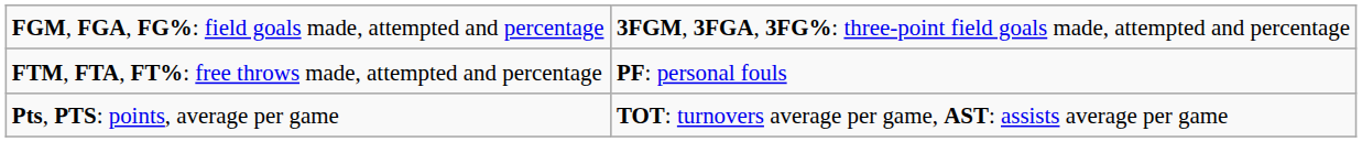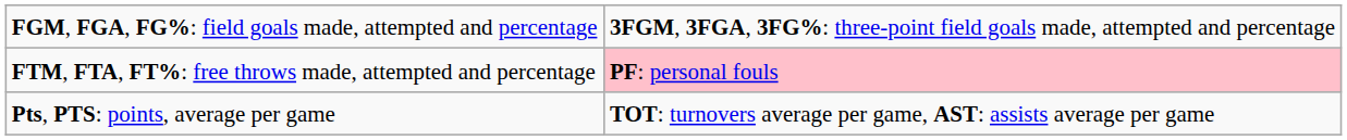 <table class="wikitable" style="margin:auto">
 <tr>
 <td><small><strong>FGM</strong>, <strong>FGA</strong>, <strong>FG%</strong>: <a href='#'>field goals</a> made, attempted and <a href='#'>percentage</a></small></td>
 <td><small><strong>3FGM</strong>, <strong>3FGA</strong>, <strong>3FG%</strong>: <a href='#'>three-point field goals</a> made, attempted and percentage</small></td>
 </tr>
 <tr>
 <td><small><strong>FTM</strong>, <strong>FTA</strong>, <strong>FT%</strong>: <a href='#'>free throws</a> made, attempted and percentage</small></td>
-<td><small><strong>PF</strong>: <a href='#'>personal fouls</a></small></td>
+<td style="background: pink;"><small><strong>PF</strong>: <a href='#'>personal fouls</a></small></td>
 </tr>
 <tr>
 <td><small><strong>Pts</strong>, <strong>PTS</strong>: <a href='#'>points</a>, average per game</small></td>
 <td><small><strong>TOT</strong>: <a href='#'>turnovers</a> average per game, <strong>AST</strong>: <a href='#'>assists</a> average per game</small></td>
 </tr>
 </table>
